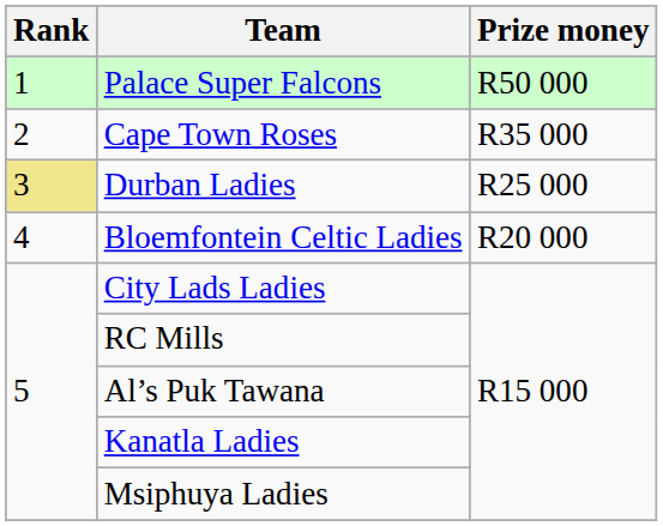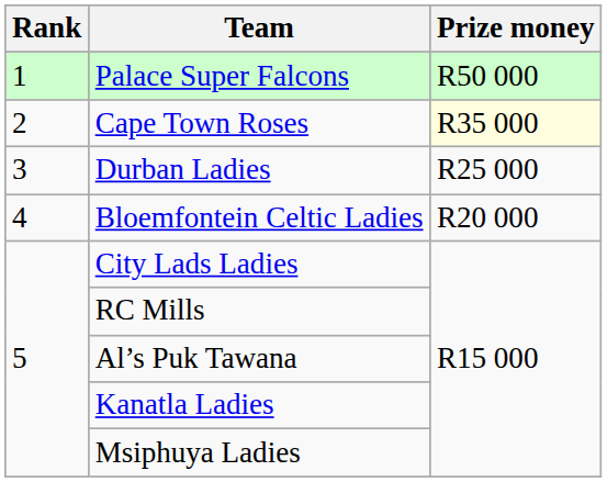 <table class="wikitable">
 <tr>
 <th>Rank</th>
 <th>Team</th>
 <th>Prize money</th>
 </tr>
 <tr bgcolor="#CCFFCC">
 <td>1</td>
 <td><a href='#'>Palace Super Falcons</a></td>
 <td>R50 000</td>
 </tr>
 <tr>
 <td>2</td>
 <td><a href='#'>Cape Town Roses</a></td>
-<td>R35 000</td>
+<td style="background: lightyellow;">R35 000</td>
 </tr>
 <tr>
-<td style="background: khaki;">3</td>
+<td>3</td>
 <td><a href='#'>Durban Ladies</a></td>
 <td>R25 000</td>
 </tr>
 <tr>
 <td>4</td>
 <td><a href='#'>Bloemfontein Celtic Ladies</a></td>
 <td>R20 000</td>
 </tr>
 <tr>
 <td rowspan="5">5</td>
 <td><a href='#'>City Lads Ladies</a></td>
 <td rowspan="5">R15 000</td>
 </tr>
 <tr>
 <td>RC Mills</td>
 </tr>
 <tr>
 <td>Al’s Puk Tawana</td>
 </tr>
 <tr>
 <td><a href='#'>Kanatla Ladies</a></td>
 </tr>
 <tr>
 <td>Msiphuya Ladies</td>
 </tr>
 </table>
